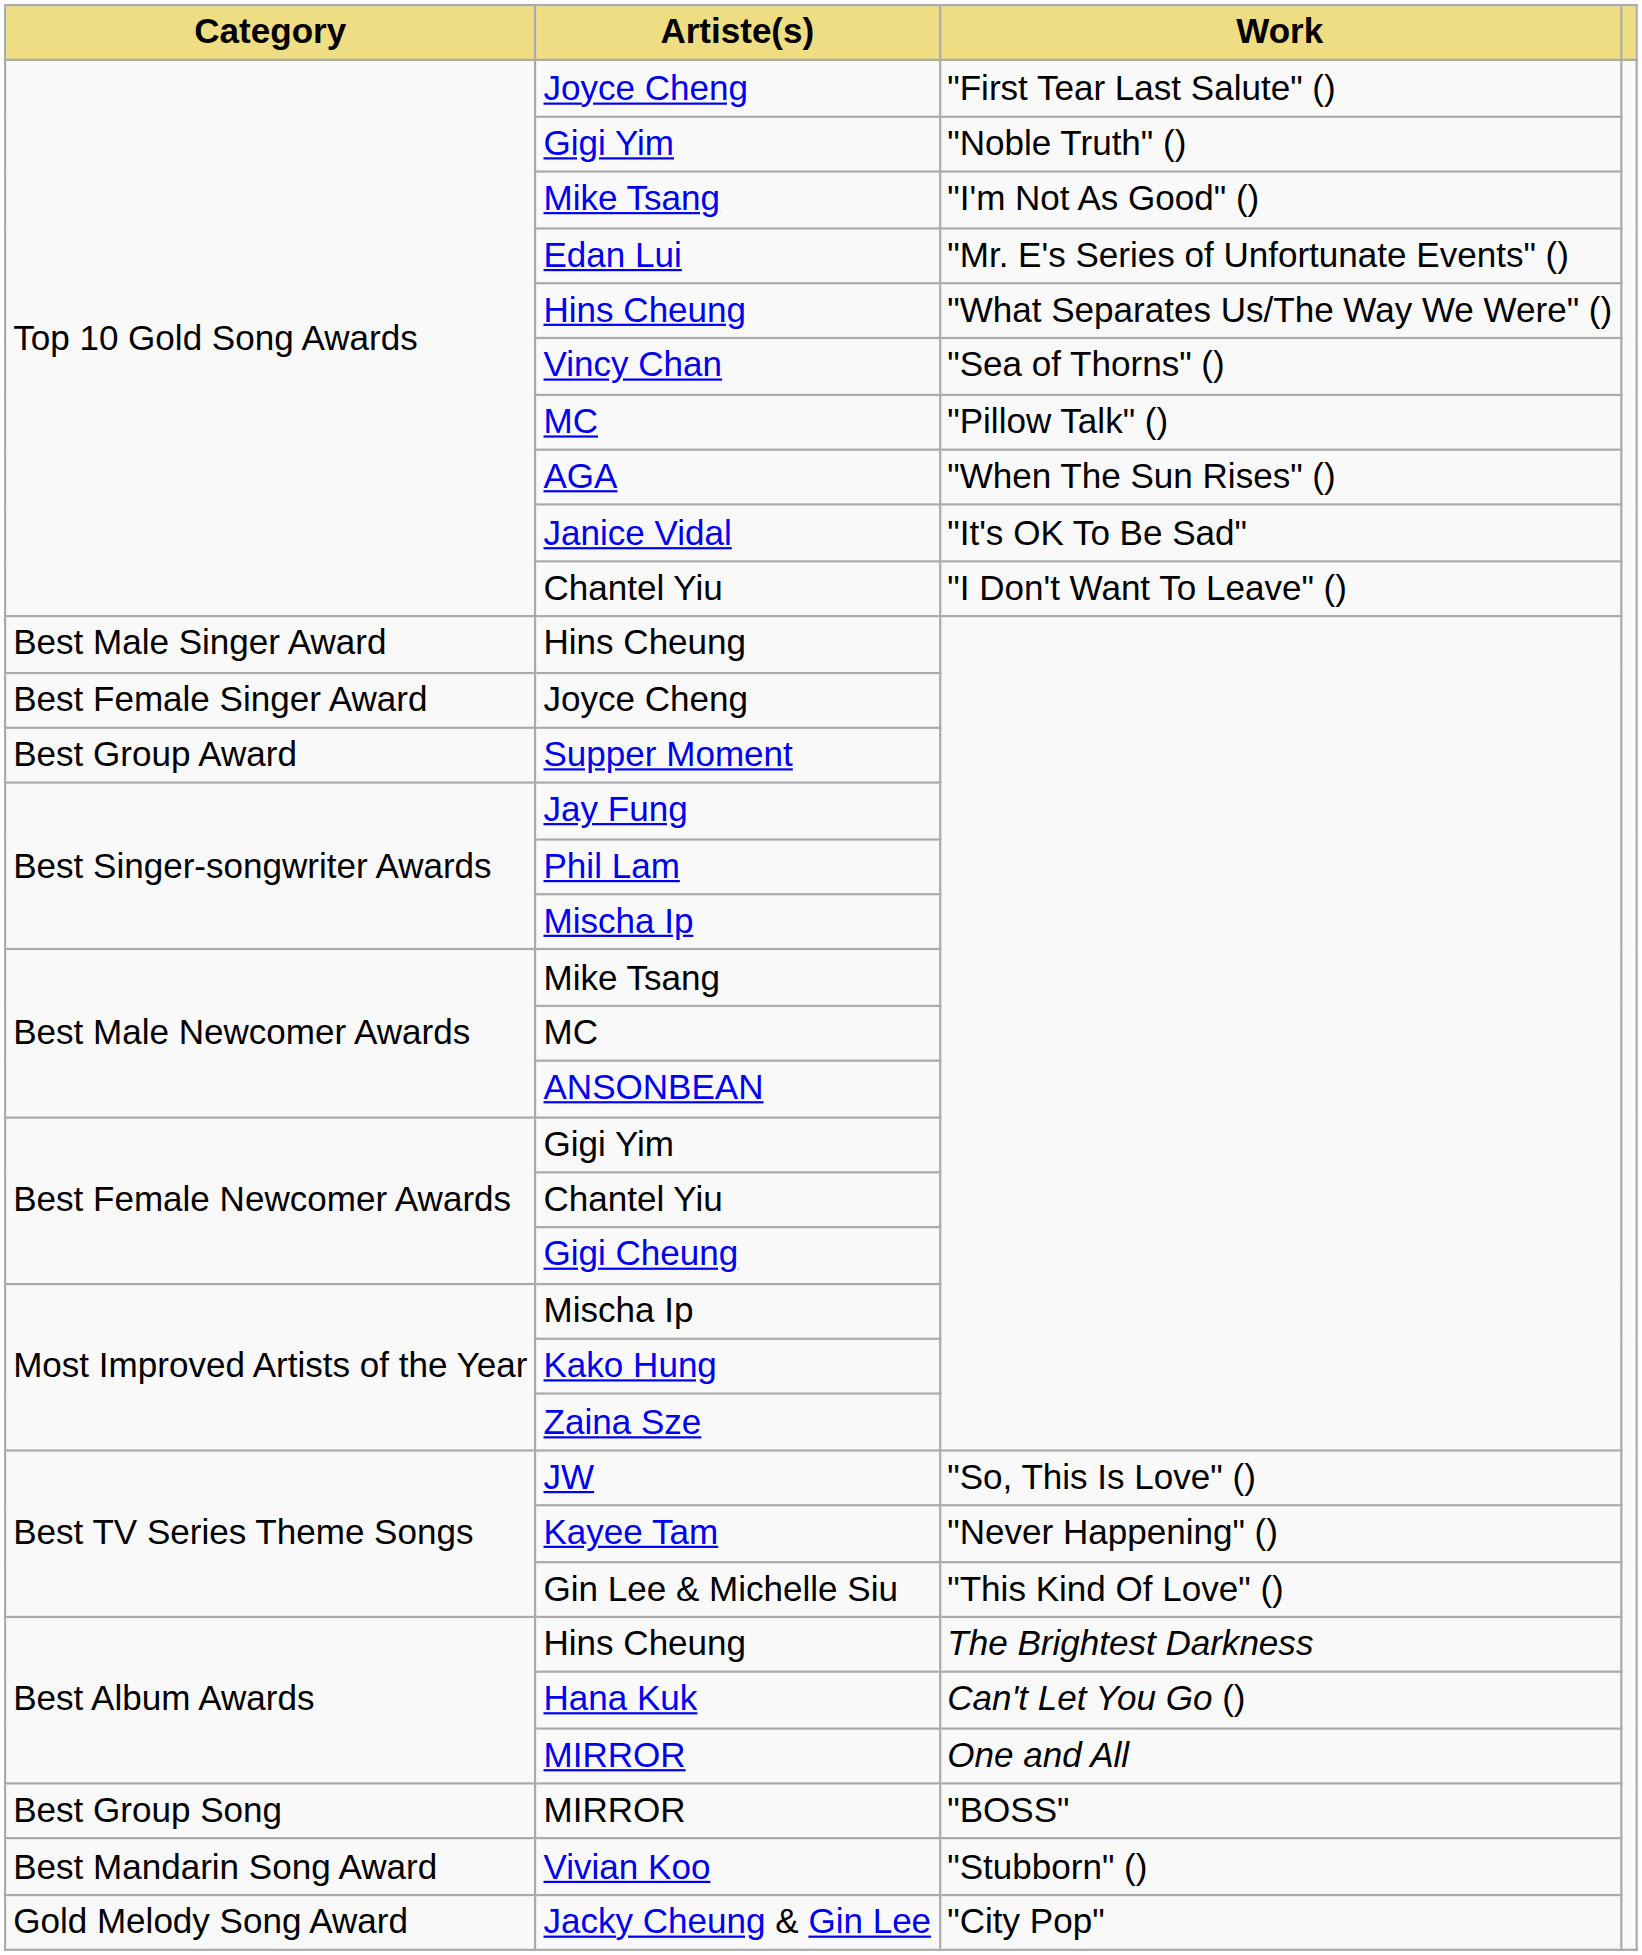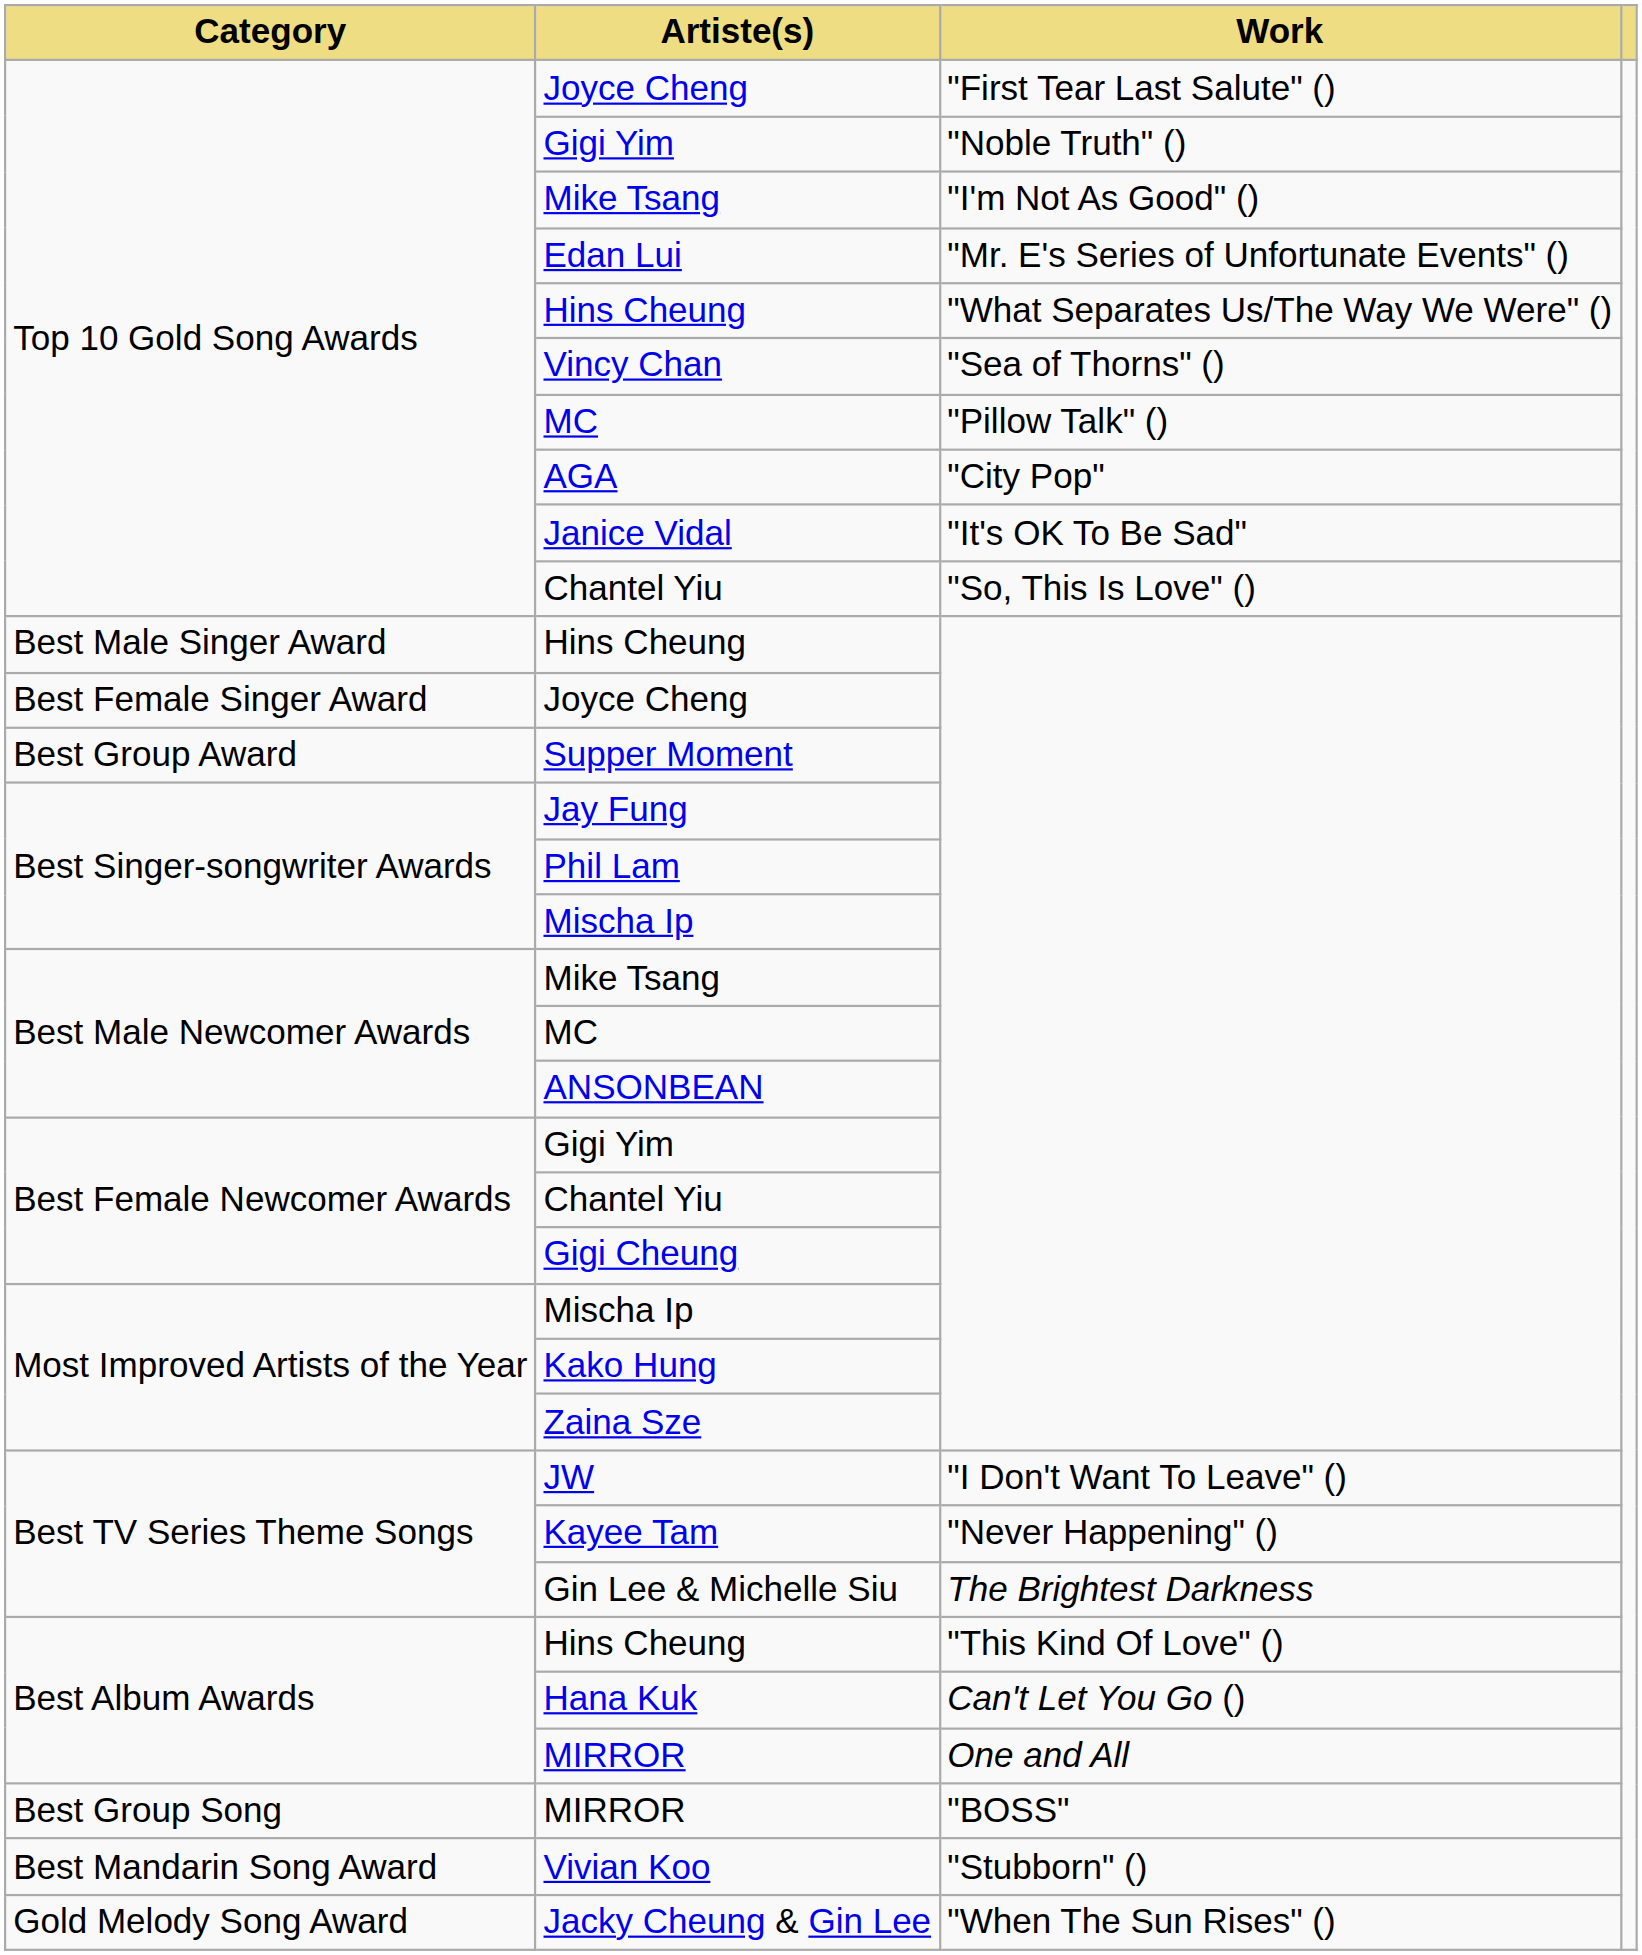 <table class="wikitable">
 <tr>
 <th style="background:#EEDD82">Category</th>
 <th style="background:#EEDD82">Artiste(s)</th>
 <th style="background:#EEDD82">Work</th>
 <th style="background:#EEDD82"></th>
 </tr>
 <tr>
 <td rowspan="10">Top 10 Gold Song Awards</td>
 <td><a href='#'>Joyce Cheng</a></td>
 <td>"First Tear Last Salute" ()</td>
 <td rowspan="34"></td>
 </tr>
 <tr>
 <td><a href='#'>Gigi Yim</a></td>
 <td>"Noble Truth" ()</td>
 </tr>
 <tr>
 <td><a href='#'>Mike Tsang</a></td>
 <td>"I'm Not As Good" ()</td>
 </tr>
 <tr>
 <td><a href='#'>Edan Lui</a></td>
 <td>"Mr. E's Series of Unfortunate Events" ()</td>
 </tr>
 <tr>
 <td><a href='#'>Hins Cheung</a></td>
 <td>"What Separates Us/The Way We Were" ()</td>
 </tr>
 <tr>
 <td><a href='#'>Vincy Chan</a></td>
 <td>"Sea of Thorns" ()</td>
 </tr>
 <tr>
 <td><a href='#'>MC</a></td>
 <td>"Pillow Talk" ()</td>
 </tr>
 <tr>
 <td><a href='#'>AGA</a></td>
-<td>"When The Sun Rises" ()</td>
+<td>"City Pop"</td>
 </tr>
 <tr>
 <td><a href='#'>Janice Vidal</a></td>
 <td>"It's OK To Be Sad"</td>
 </tr>
 <tr>
 <td>Chantel Yiu</td>
-<td>"I Don't Want To Leave" () </td>
+<td>"So, This Is Love" ()</td>
 </tr>
 <tr>
 <td>Best Male Singer Award</td>
 <td>Hins Cheung</td>
 </tr>
 <tr>
 <td>Best Female Singer Award</td>
 <td>Joyce Cheng</td>
 </tr>
 <tr>
 <td>Best Group Award</td>
 <td><a href='#'>Supper Moment</a></td>
 </tr>
 <tr>
 <td rowspan="3">Best Singer-songwriter Awards</td>
 <td><a href='#'>Jay Fung</a> </td>
 </tr>
 <tr>
 <td><a href='#'>Phil Lam</a> </td>
 </tr>
 <tr>
 <td><a href='#'>Mischa Ip</a> </td>
 </tr>
 <tr>
 <td rowspan="3">Best Male Newcomer Awards</td>
 <td>Mike Tsang </td>
 </tr>
 <tr>
 <td>MC </td>
 </tr>
 <tr>
 <td><a href='#'>ANSONBEAN</a> </td>
 </tr>
 <tr>
 <td rowspan="3">Best Female Newcomer Awards</td>
 <td>Gigi Yim </td>
 </tr>
 <tr>
 <td>Chantel Yiu </td>
 </tr>
 <tr>
 <td><a href='#'>Gigi Cheung</a> </td>
 </tr>
 <tr>
 <td rowspan="3">Most Improved Artists of the Year</td>
 <td>Mischa Ip </td>
 </tr>
 <tr>
 <td><a href='#'>Kako Hung</a> </td>
 </tr>
 <tr>
 <td><a href='#'>Zaina Sze</a> </td>
 </tr>
 <tr>
 <td rowspan="3">Best TV Series Theme Songs</td>
 <td><a href='#'>JW</a></td>
-<td>"So, This Is Love" ()</td>
+<td>"I Don't Want To Leave" () </td>
 </tr>
 <tr>
 <td><a href='#'>Kayee Tam</a></td>
 <td>"Never Happening" () </td>
 </tr>
 <tr>
 <td>Gin Lee & Michelle Siu</td>
-<td>"This Kind Of Love" () </td>
+<td><em>The Brightest Darkness</em></td>
 </tr>
 <tr>
 <td rowspan="3">Best Album Awards</td>
 <td>Hins Cheung</td>
-<td><em>The Brightest Darkness</em></td>
+<td>"This Kind Of Love" () </td>
 </tr>
 <tr>
 <td><a href='#'>Hana Kuk</a></td>
 <td><em>Can't Let You Go</em> ()</td>
 </tr>
 <tr>
 <td><a href='#'>MIRROR</a></td>
 <td><em>One and All</em></td>
 </tr>
 <tr>
 <td>Best Group Song</td>
 <td>MIRROR</td>
 <td>"BOSS"</td>
 </tr>
 <tr>
 <td>Best Mandarin Song Award</td>
 <td><a href='#'>Vivian Koo</a></td>
 <td>"Stubborn" ()</td>
 </tr>
 <tr>
 <td>Gold Melody Song Award</td>
 <td><a href='#'>Jacky Cheung</a> & <a href='#'>Gin Lee</a></td>
-<td>"City Pop"</td>
+<td>"When The Sun Rises" ()</td>
 </tr>
 </table>
